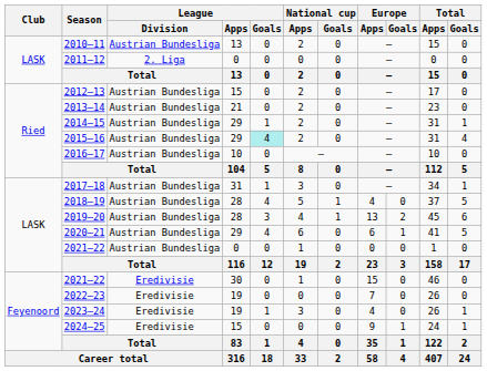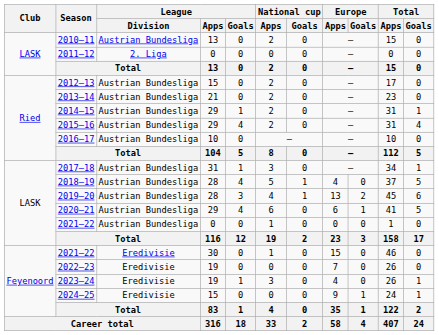 <table class="wikitable" style="text-align: center">
 <tr>
 <th rowspan="2">Club</th>
 <th rowspan="2">Season</th>
 <th colspan="3">League</th>
 <th colspan="2">National cup</th>
 <th colspan="2">Europe</th>
 <th colspan="2">Total</th>
 </tr>
 <tr>
 <th>Division</th>
 <th>Apps</th>
 <th>Goals</th>
 <th>Apps</th>
 <th>Goals</th>
 <th>Apps</th>
 <th>Goals</th>
 <th>Apps</th>
 <th>Goals</th>
 </tr>
 <tr>
 <td rowspan="3"><a href='#'>LASK</a></td>
 <td><a href='#'>2010–11</a></td>
 <td><a href='#'>Austrian Bundesliga</a></td>
 <td>13</td>
 <td>0</td>
 <td>2</td>
 <td>0</td>
 <td colspan="2">—</td>
 <td>15</td>
 <td>0</td>
 </tr>
 <tr>
 <td><a href='#'>2011–12</a></td>
 <td><a href='#'>2. Liga</a></td>
 <td>0</td>
 <td>0</td>
 <td>0</td>
 <td>0</td>
 <td colspan="2">—</td>
 <td>0</td>
 <td>0</td>
 </tr>
 <tr>
 <th colspan="2">Total</th>
 <th>13</th>
 <th>0</th>
 <th>2</th>
 <th>0</th>
 <th colspan="2">—</th>
 <th>15</th>
 <th>0</th>
 </tr>
 <tr>
 <td rowspan="6"><a href='#'>Ried</a></td>
 <td><a href='#'>2012–13</a></td>
 <td>Austrian Bundesliga</td>
 <td>15</td>
 <td>0</td>
 <td>2</td>
 <td>0</td>
 <td colspan="2">—</td>
 <td>17</td>
 <td>0</td>
 </tr>
 <tr>
 <td><a href='#'>2013–14</a></td>
 <td>Austrian Bundesliga</td>
 <td>21</td>
 <td>0</td>
 <td>2</td>
 <td>0</td>
 <td colspan="2">—</td>
 <td>23</td>
 <td>0</td>
 </tr>
 <tr>
 <td><a href='#'>2014–15</a></td>
 <td>Austrian Bundesliga</td>
 <td>29</td>
 <td>1</td>
 <td>2</td>
 <td>0</td>
 <td colspan="2">—</td>
 <td>31</td>
 <td>1</td>
 </tr>
 <tr>
 <td><a href='#'>2015–16</a></td>
 <td>Austrian Bundesliga</td>
 <td>29</td>
-<td style="background: paleturquoise;">4</td>
+<td>4</td>
 <td>2</td>
 <td>0</td>
 <td colspan="2">—</td>
 <td>31</td>
 <td>4</td>
 </tr>
 <tr>
 <td><a href='#'>2016–17</a></td>
 <td>Austrian Bundesliga</td>
 <td>10</td>
 <td>0</td>
 <td colspan="2">—</td>
 <td colspan="2">—</td>
 <td>10</td>
 <td>0</td>
 </tr>
 <tr>
 <th colspan="2">Total</th>
 <th>104</th>
 <th>5</th>
 <th>8</th>
 <th>0</th>
 <th colspan="2">—</th>
 <th>112</th>
 <th>5</th>
 </tr>
 <tr>
 <td rowspan="6">LASK</td>
 <td><a href='#'>2017–18</a></td>
 <td>Austrian Bundesliga</td>
 <td>31</td>
 <td>1</td>
 <td>3</td>
 <td>0</td>
 <td colspan="2">—</td>
 <td>34</td>
 <td>1</td>
 </tr>
 <tr>
 <td><a href='#'>2018–19</a></td>
 <td>Austrian Bundesliga</td>
 <td>28</td>
 <td>4</td>
 <td>5</td>
 <td>1</td>
 <td>4</td>
 <td>0</td>
 <td>37</td>
 <td>5</td>
 </tr>
 <tr>
 <td><a href='#'>2019–20</a></td>
 <td>Austrian Bundesliga</td>
 <td>28</td>
 <td>3</td>
 <td>4</td>
 <td>1</td>
 <td>13</td>
 <td>2</td>
 <td>45</td>
 <td>6</td>
 </tr>
 <tr>
 <td><a href='#'>2020–21</a></td>
 <td>Austrian Bundesliga</td>
 <td>29</td>
 <td>4</td>
 <td>6</td>
 <td>0</td>
 <td>6</td>
 <td>1</td>
 <td>41</td>
 <td>5</td>
 </tr>
 <tr>
 <td><a href='#'>2021–22</a></td>
 <td>Austrian Bundesliga</td>
 <td>0</td>
 <td>0</td>
 <td>1</td>
 <td>0</td>
 <td>0</td>
 <td>0</td>
 <td>1</td>
 <td>0</td>
 </tr>
 <tr>
 <th colspan="2">Total</th>
 <th>116</th>
 <th>12</th>
 <th>19</th>
 <th>2</th>
 <th>23</th>
 <th>3</th>
 <th>158</th>
 <th>17</th>
 </tr>
 <tr>
 <td rowspan="5"><a href='#'>Feyenoord</a></td>
 <td><a href='#'>2021–22</a></td>
 <td><a href='#'>Eredivisie</a></td>
 <td>30</td>
 <td>0</td>
 <td>1</td>
 <td>0</td>
 <td>15</td>
 <td>0</td>
 <td>46</td>
 <td>0</td>
 </tr>
 <tr>
 <td><a href='#'>2022–23</a></td>
 <td>Eredivisie</td>
 <td>19</td>
 <td>0</td>
 <td>0</td>
 <td>0</td>
 <td>7</td>
 <td>0</td>
 <td>26</td>
 <td>0</td>
 </tr>
 <tr>
 <td><a href='#'>2023–24</a></td>
 <td>Eredivisie</td>
 <td>19</td>
 <td>1</td>
 <td>3</td>
 <td>0</td>
 <td>4</td>
 <td>0</td>
 <td>26</td>
 <td>1</td>
 </tr>
 <tr>
 <td><a href='#'>2024–25</a></td>
 <td>Eredivisie</td>
 <td>15</td>
 <td>0</td>
 <td>0</td>
 <td>0</td>
 <td>9</td>
 <td>1</td>
 <td>24</td>
 <td>1</td>
 </tr>
 <tr>
 <th colspan="2">Total</th>
 <th>83</th>
 <th>1</th>
 <th>4</th>
 <th>0</th>
 <th>35</th>
 <th>1</th>
 <th>122</th>
 <th>2</th>
 </tr>
 <tr>
 <th colspan="3">Career total</th>
 <th>316</th>
 <th>18</th>
 <th>33</th>
 <th>2</th>
 <th>58</th>
 <th>4</th>
 <th>407</th>
 <th>24</th>
 </tr>
 </table>
